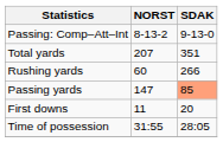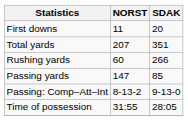 <table class="wikitable" style="float: left;">
 <tr>
 <th>Statistics</th>
 <th>NORST</th>
 <th>SDAK</th>
 </tr>
 <tr>
-<td>Passing: Comp–Att–Int</td>
-<td>8-13-2</td>
-<td>9-13-0</td>
+<td>First downs</td>
+<td>11</td>
+<td>20</td>
 </tr>
 <tr>
 <td>Total yards</td>
 <td>207</td>
 <td>351</td>
 </tr>
 <tr>
 <td>Rushing yards</td>
 <td>60</td>
 <td>266</td>
 </tr>
 <tr>
 <td>Passing yards</td>
 <td>147</td>
-<td style="background: lightsalmon;">85</td>
+<td>85</td>
 </tr>
 <tr>
-<td>First downs</td>
-<td>11</td>
-<td>20</td>
+<td>Passing: Comp–Att–Int</td>
+<td>8-13-2</td>
+<td>9-13-0</td>
 </tr>
 <tr>
 <td>Time of possession</td>
 <td>31:55</td>
 <td>28:05</td>
 </tr>
 <tr>
 </tr>
 </table>
